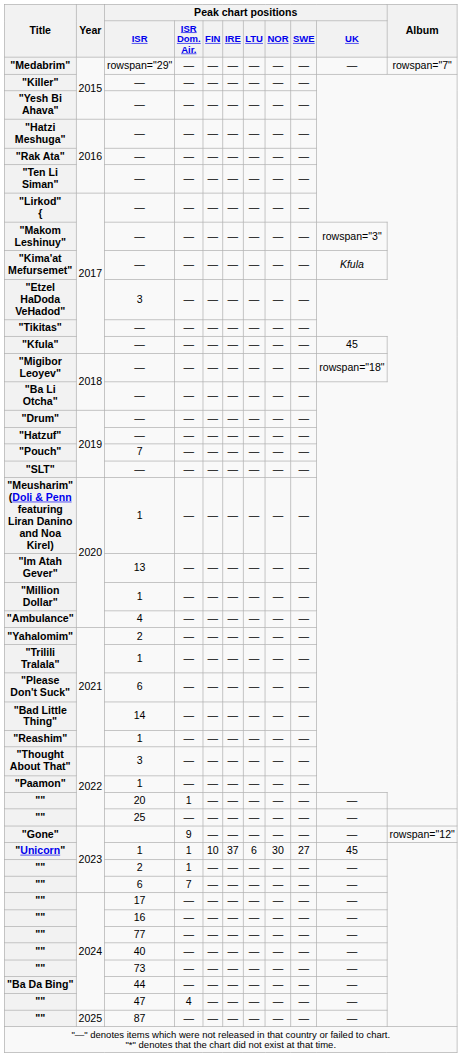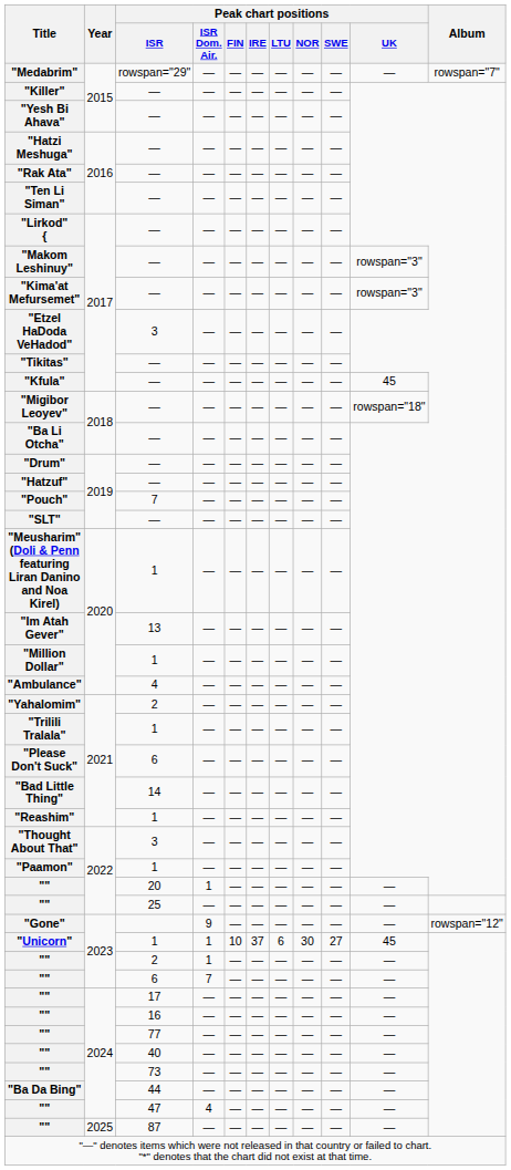 <table class="wikitable plainrowheaders" style="text-align:center;">
 <tr>
 <th scope="col" rowspan="2" style="width:20em;">Title</th>
 <th scope="col" rowspan="2" style="width:2em;">Year</th>
 <th scope="col" colspan="8">Peak chart positions</th>
 <th scope="col" rowspan="2" style="width:18em;">Album</th>
 </tr>
 <tr>
 <th scope="col" style="width:2.5em;font-size:90%;"><a href='#'>ISR</a><br></th>
 <th scope="col" style="width:2.5em;font-size:90%;"><a href='#'>ISR<br>Dom.<br>Air.</a><br></th>
 <th scope="col" style="width:2.5em;font-size:90%;"><a href='#'>FIN</a><br></th>
 <th scope="col" style="width:2.5em;font-size:90%;"><a href='#'>IRE</a><br></th>
 <th scope="col" style="width:2.5em;font-size:90%;"><a href='#'>LTU</a><br></th>
 <th scope="col" style="width:2.5em;font-size:90%;"><a href='#'>NOR</a><br></th>
 <th scope="col" style="width:2.5em;font-size:90%;"><a href='#'>SWE</a><br></th>
 <th scope="col" style="width:2.5em;font-size:90%;"><a href='#'>UK</a><br></th>
 </tr>
 <tr>
 <th scope="row">"Medabrim"</th>
 <td rowspan="3">2015</td>
 <td>rowspan="29" </td>
 <td>—</td>
 <td>—</td>
 <td>—</td>
 <td>—</td>
 <td>—</td>
 <td>—</td>
 <td>—</td>
 <td>rowspan="7" </td>
 </tr>
 <tr>
 <th scope="row">"Killer"</th>
 <td>—</td>
 <td>—</td>
 <td>—</td>
 <td>—</td>
 <td>—</td>
 <td>—</td>
 <td>—</td>
 </tr>
 <tr>
 <th scope="row">"Yesh Bi Ahava"</th>
 <td>—</td>
 <td>—</td>
 <td>—</td>
 <td>—</td>
 <td>—</td>
 <td>—</td>
 <td>—</td>
 </tr>
 <tr>
 <th scope="row">"Hatzi Meshuga"</th>
 <td rowspan="3">2016</td>
 <td>—</td>
 <td>—</td>
 <td>—</td>
 <td>—</td>
 <td>—</td>
 <td>—</td>
 <td>—</td>
 </tr>
 <tr>
 <th scope="row">"Rak Ata"</th>
 <td>—</td>
 <td>—</td>
 <td>—</td>
 <td>—</td>
 <td>—</td>
 <td>—</td>
 <td>—</td>
 </tr>
 <tr>
 <th scope="row">"Ten Li Siman"</th>
 <td>—</td>
 <td>—</td>
 <td>—</td>
 <td>—</td>
 <td>—</td>
 <td>—</td>
 <td>—</td>
 </tr>
 <tr>
 <th scope="row">"Lirkod"<br>{</th>
 <td rowspan="6">2017</td>
 <td>—</td>
 <td>—</td>
 <td>—</td>
 <td>—</td>
 <td>—</td>
 <td>—</td>
 <td>—</td>
 </tr>
 <tr>
 <th scope="row">"Makom Leshinuy"<br></th>
 <td>—</td>
 <td>—</td>
 <td>—</td>
 <td>—</td>
 <td>—</td>
 <td>—</td>
 <td>—</td>
 <td>rowspan="3" </td>
 </tr>
 <tr>
 <th scope="row">"Kima'at Mefursemet"</th>
 <td>—</td>
 <td>—</td>
 <td>—</td>
 <td>—</td>
 <td>—</td>
 <td>—</td>
 <td>—</td>
-<td><em>Kfula</em></td>
+<td>rowspan="3" </td>
 </tr>
 <tr>
 <th scope="row">"Etzel HaDoda VeHadod"<br></th>
 <td>3</td>
 <td>—</td>
 <td>—</td>
 <td>—</td>
 <td>—</td>
 <td>—</td>
 <td>—</td>
 </tr>
 <tr>
 <th scope="row">"Tikitas"<br></th>
 <td>—</td>
 <td>—</td>
 <td>—</td>
 <td>—</td>
 <td>—</td>
 <td>—</td>
 <td>—</td>
 </tr>
 <tr>
 <th scope="row">"Kfula"</th>
 <td>—</td>
 <td>—</td>
 <td>—</td>
 <td>—</td>
 <td>—</td>
 <td>—</td>
 <td>—</td>
 <td>45</td>
 </tr>
 <tr>
 <th scope="row">"Migibor Leoyev"</th>
 <td rowspan="2">2018</td>
 <td>—</td>
 <td>—</td>
 <td>—</td>
 <td>—</td>
 <td>—</td>
 <td>—</td>
 <td>—</td>
 <td>rowspan="18" </td>
 </tr>
 <tr>
 <th scope="row">"Ba Li Otcha"</th>
 <td>—</td>
 <td>—</td>
 <td>—</td>
 <td>—</td>
 <td>—</td>
 <td>—</td>
 <td>—</td>
 </tr>
 <tr>
 <th scope="row">"Drum"</th>
 <td rowspan="4">2019</td>
 <td>—</td>
 <td>—</td>
 <td>—</td>
 <td>—</td>
 <td>—</td>
 <td>—</td>
 <td>—</td>
 </tr>
 <tr>
 <th scope="row">"Hatzuf"</th>
 <td>—</td>
 <td>—</td>
 <td>—</td>
 <td>—</td>
 <td>—</td>
 <td>—</td>
 <td>—</td>
 </tr>
 <tr>
 <th scope="row">"Pouch"</th>
 <td>7</td>
 <td>—</td>
 <td>—</td>
 <td>—</td>
 <td>—</td>
 <td>—</td>
 <td>—</td>
 </tr>
 <tr>
 <th scope="row">"SLT"</th>
 <td>—</td>
 <td>—</td>
 <td>—</td>
 <td>—</td>
 <td>—</td>
 <td>—</td>
 <td>—</td>
 </tr>
 <tr>
 <th scope="row">"Meusharim"<br><span>(<a href='#'>Doli & Penn</a> featuring Liran Danino and Noa Kirel)</span></th>
 <td rowspan="4">2020</td>
 <td>1</td>
 <td>—</td>
 <td>—</td>
 <td>—</td>
 <td>—</td>
 <td>—</td>
 <td>—</td>
 </tr>
 <tr>
 <th scope="row">"Im Atah Gever"</th>
 <td>13</td>
 <td>—</td>
 <td>—</td>
 <td>—</td>
 <td>—</td>
 <td>—</td>
 <td>—</td>
 </tr>
 <tr>
 <th scope="row">"Million Dollar"<br></th>
 <td>1</td>
 <td>—</td>
 <td>—</td>
 <td>—</td>
 <td>—</td>
 <td>—</td>
 <td>—</td>
 </tr>
 <tr>
 <th scope="row">"Ambulance"<br></th>
 <td>4</td>
 <td>—</td>
 <td>—</td>
 <td>—</td>
 <td>—</td>
 <td>—</td>
 <td>—</td>
 </tr>
 <tr>
 <th scope="row">"Yahalomim"</th>
 <td rowspan="5">2021</td>
 <td>2</td>
 <td>—</td>
 <td>—</td>
 <td>—</td>
 <td>—</td>
 <td>—</td>
 <td>—</td>
 </tr>
 <tr>
 <th scope="row">"Trilili Tralala"<br></th>
 <td>1</td>
 <td>—</td>
 <td>—</td>
 <td>—</td>
 <td>—</td>
 <td>—</td>
 <td>—</td>
 </tr>
 <tr>
 <th scope="row">"Please Don't Suck"</th>
 <td>6</td>
 <td>—</td>
 <td>—</td>
 <td>—</td>
 <td>—</td>
 <td>—</td>
 <td>—</td>
 </tr>
 <tr>
 <th scope="row">"Bad Little Thing"</th>
 <td>14</td>
 <td>—</td>
 <td>—</td>
 <td>—</td>
 <td>—</td>
 <td>—</td>
 <td>—</td>
 </tr>
 <tr>
 <th scope="row">"Reashim"<br></th>
 <td>1</td>
 <td>—</td>
 <td>—</td>
 <td>—</td>
 <td>—</td>
 <td>—</td>
 <td>—</td>
 </tr>
 <tr>
 <th scope="row">"Thought About That"</th>
 <td rowspan="4">2022</td>
 <td>3</td>
 <td>—</td>
 <td>—</td>
 <td>—</td>
 <td>—</td>
 <td>—</td>
 <td>—</td>
 </tr>
 <tr>
 <th scope="row">"Paamon"</th>
 <td>1</td>
 <td>—</td>
 <td>—</td>
 <td>—</td>
 <td>—</td>
 <td>—</td>
 <td>—</td>
 </tr>
 <tr>
 <th scope="row">""</th>
 <td>20</td>
 <td>1</td>
 <td>—</td>
 <td>—</td>
 <td>—</td>
 <td>—</td>
 <td>—</td>
 <td>—</td>
 </tr>
 <tr>
 <th scope="row">""<br></th>
 <td>25</td>
 <td>—</td>
 <td>—</td>
 <td>—</td>
 <td>—</td>
 <td>—</td>
 <td>—</td>
 <td>—</td>
 <td></td>
 </tr>
 <tr>
 <th scope="row">"Gone"</th>
 <td rowspan="4">2023</td>
 <td></td>
 <td>9</td>
 <td>—</td>
 <td>—</td>
 <td>—</td>
 <td>—</td>
 <td>—</td>
 <td>—</td>
 <td>rowspan="12" </td>
 </tr>
 <tr>
 <th scope="row">"<a href='#'>Unicorn</a>"</th>
 <td>1</td>
 <td>1</td>
 <td>10</td>
 <td>37</td>
 <td>6</td>
 <td>30</td>
 <td>27</td>
 <td>45</td>
 </tr>
 <tr>
 <th scope="row">""</th>
 <td>2</td>
 <td>1</td>
 <td>—</td>
 <td>—</td>
 <td>—</td>
 <td>—</td>
 <td>—</td>
 <td>—</td>
 </tr>
 <tr>
 <th scope="row">""</th>
 <td>6</td>
 <td>7</td>
 <td>—</td>
 <td>—</td>
 <td>—</td>
 <td>—</td>
 <td>—</td>
 <td>—</td>
 </tr>
 <tr>
 <th scope="row">""</th>
 <td rowspan="7">2024</td>
 <td>17</td>
 <td>—</td>
 <td>—</td>
 <td>—</td>
 <td>—</td>
 <td>—</td>
 <td>—</td>
 <td>—</td>
 </tr>
 <tr>
 <th scope="row">""<br></th>
 <td>16</td>
 <td>—</td>
 <td>—</td>
 <td>—</td>
 <td>—</td>
 <td>—</td>
 <td>—</td>
 <td>—</td>
 </tr>
 <tr>
 <th scope="row">""<br></th>
 <td>77</td>
 <td>—</td>
 <td>—</td>
 <td>—</td>
 <td>—</td>
 <td>—</td>
 <td>—</td>
 <td>—</td>
 </tr>
 <tr>
 <th scope="row">""</th>
 <td>40</td>
 <td>—</td>
 <td>—</td>
 <td>—</td>
 <td>—</td>
 <td>—</td>
 <td>—</td>
 <td>—</td>
 </tr>
 <tr>
 <th scope="row">""</th>
 <td>73</td>
 <td>—</td>
 <td>—</td>
 <td>—</td>
 <td>—</td>
 <td>—</td>
 <td>—</td>
 <td>—</td>
 </tr>
 <tr>
 <th scope="row">"Ba Da Bing"</th>
 <td>44</td>
 <td>—</td>
 <td>—</td>
 <td>—</td>
 <td>—</td>
 <td>—</td>
 <td>—</td>
 <td>—</td>
 </tr>
 <tr>
 <th scope="row">""</th>
 <td>47</td>
 <td>4</td>
 <td>—</td>
 <td>—</td>
 <td>—</td>
 <td>—</td>
 <td>—</td>
 <td>—</td>
 </tr>
 <tr>
 <th scope="row">""</th>
 <td>2025</td>
 <td>87</td>
 <td>—</td>
 <td>—</td>
 <td>—</td>
 <td>—</td>
 <td>—</td>
 <td>—</td>
 <td>—</td>
 </tr>
 <tr>
 <td colspan="11" style="font-size:90%;">"—" denotes items which were not released in that country or failed to chart.<br>"*" denotes that the chart did not exist at that time.</td>
 </tr>
 </table>
